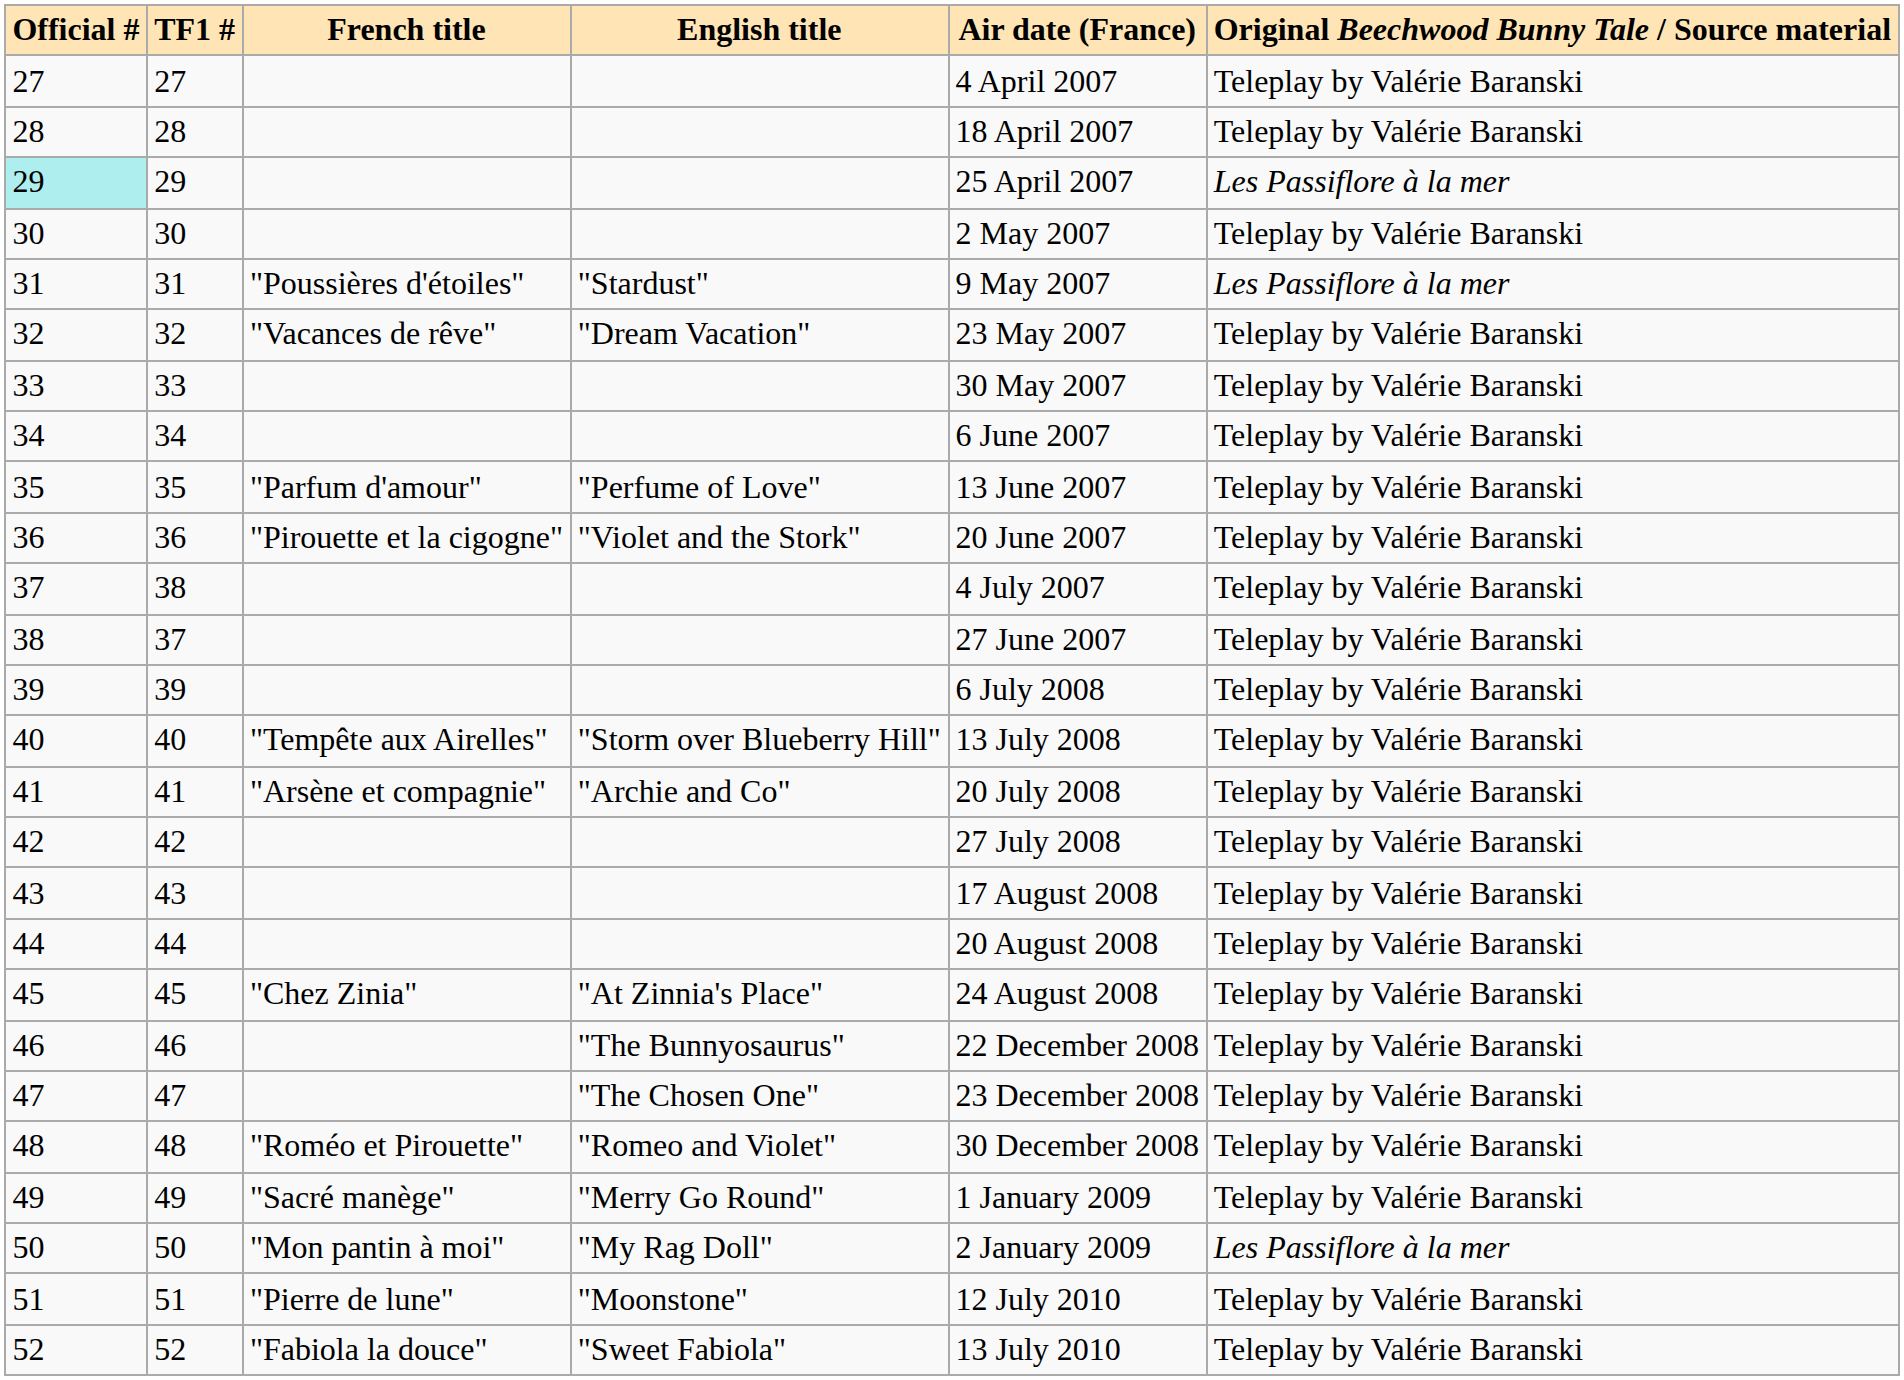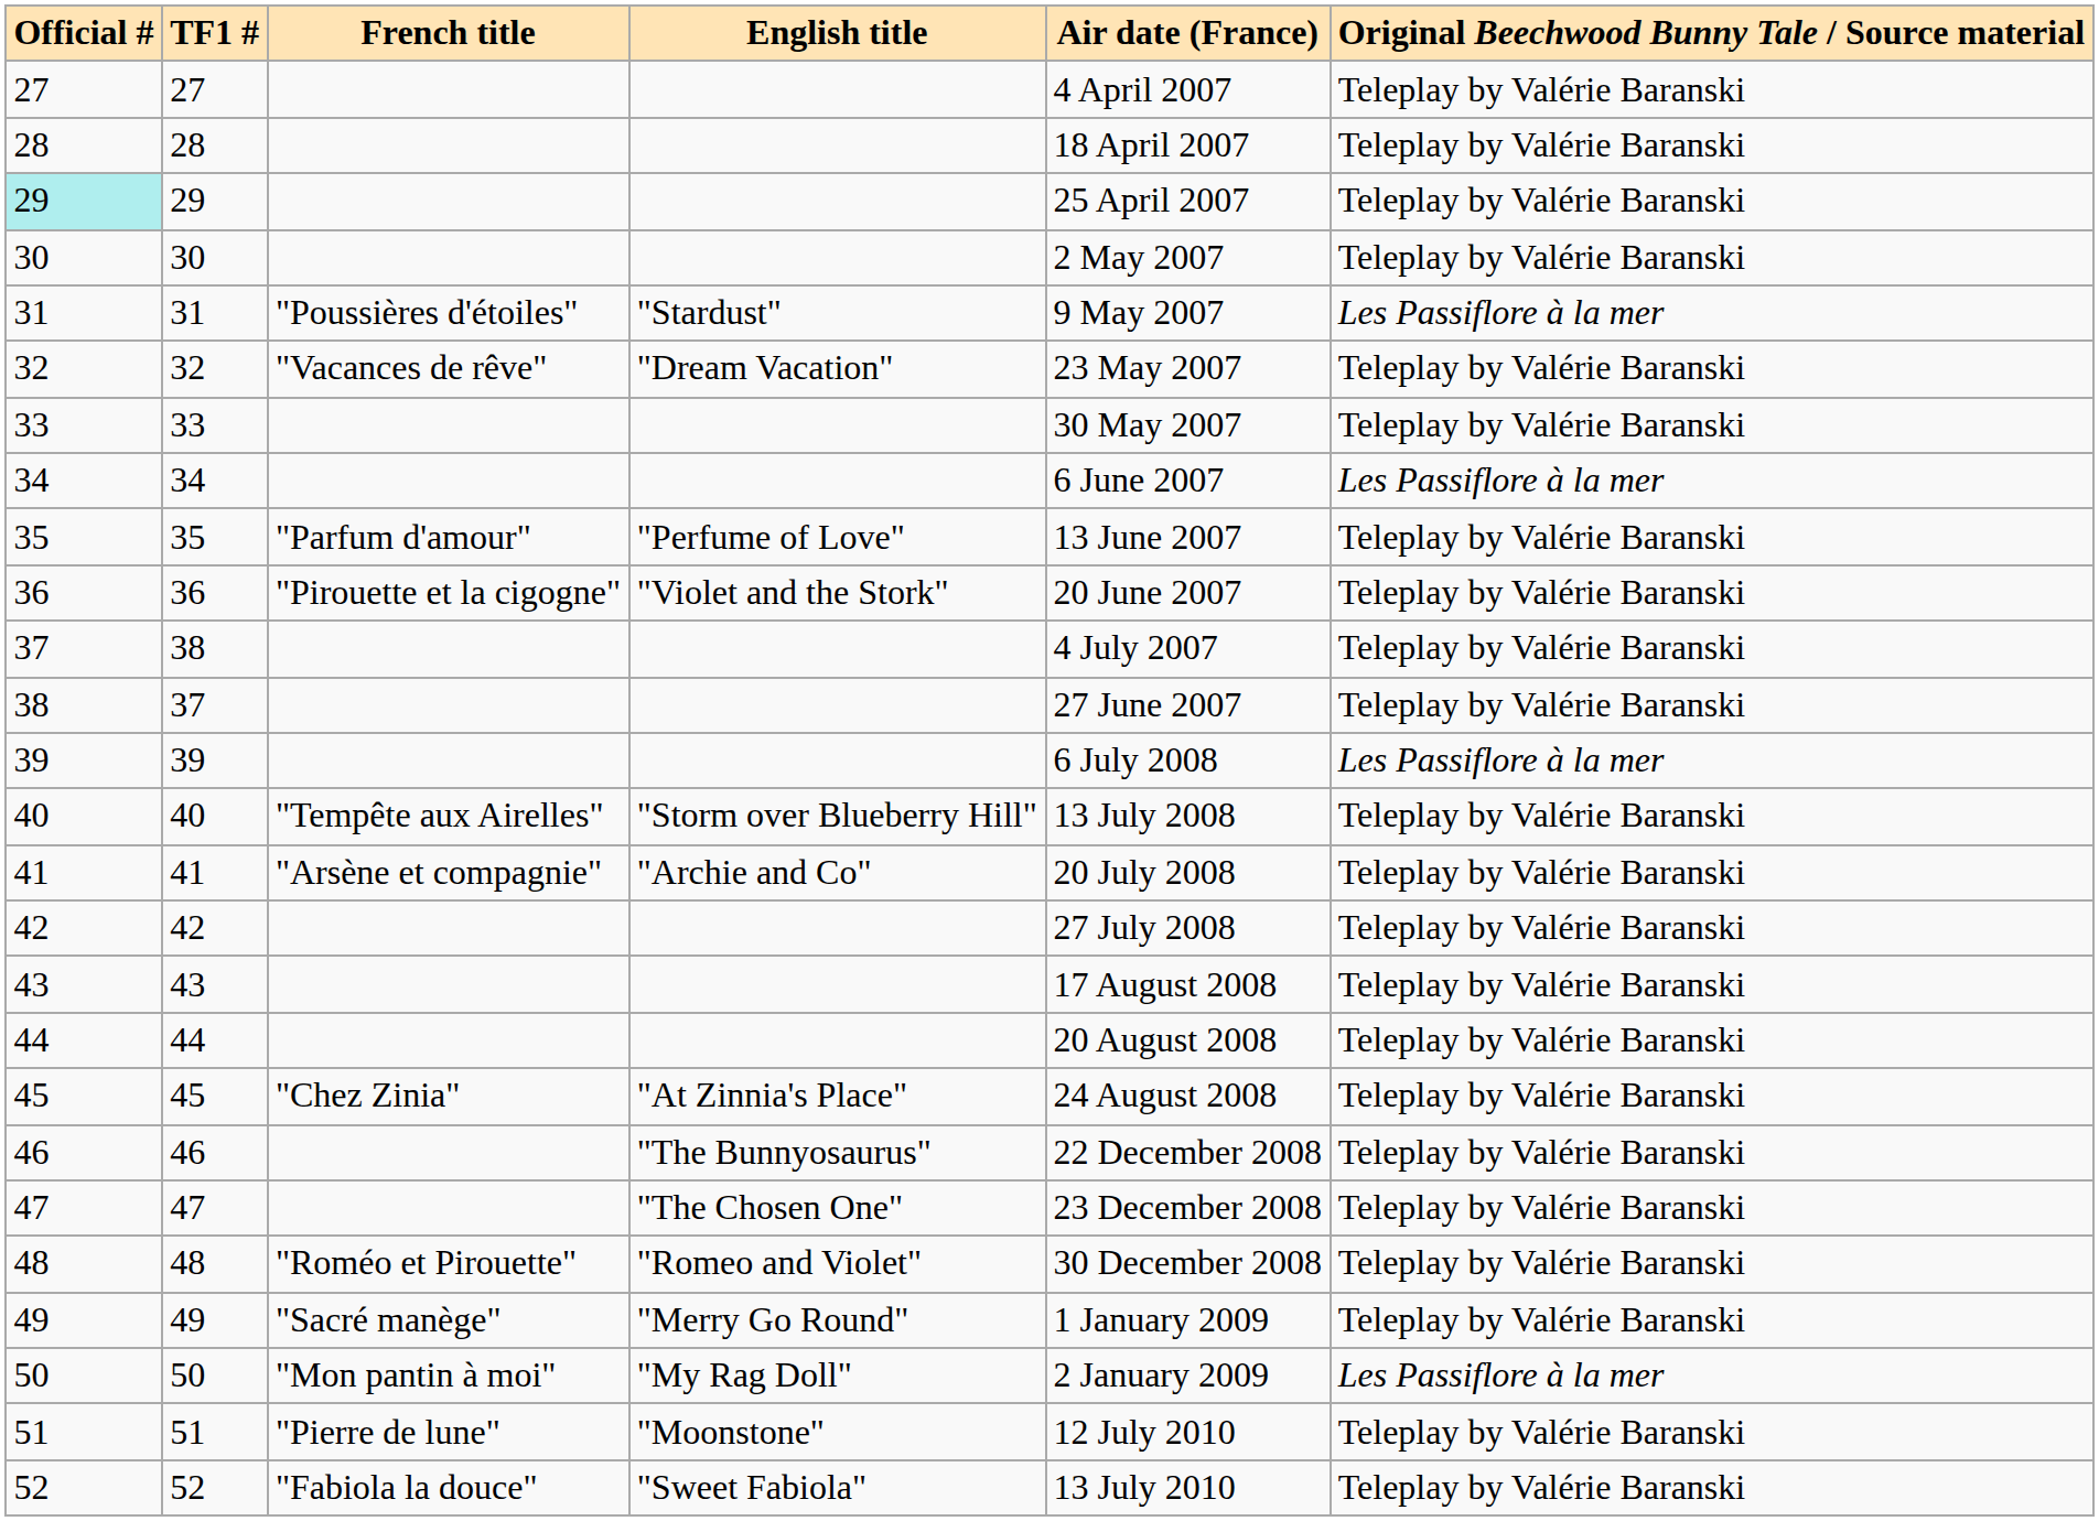 <table class="wikitable sortable">
 <tr>
 <th style="background-color: Moccasin;">Official #</th>
 <th style="background-color: Moccasin;">TF1 #</th>
 <th style="background-color: Moccasin;">French title</th>
 <th style="background-color: Moccasin;">English title</th>
 <th style="background-color: Moccasin;">Air date (France)</th>
 <th style="background-color: Moccasin;">Original <em>Beechwood Bunny Tale</em> / Source material</th>
 </tr>
 <tr>
 <td>27</td>
 <td>27</td>
 <td></td>
 <td></td>
 <td>4 April 2007</td>
 <td>Teleplay by Valérie Baranski</td>
 </tr>
 <tr>
 <td>28</td>
 <td>28</td>
 <td></td>
 <td></td>
 <td>18 April 2007</td>
 <td>Teleplay by Valérie Baranski</td>
 </tr>
 <tr>
 <td style="background: paleturquoise;">29</td>
 <td>29</td>
 <td></td>
 <td></td>
 <td>25 April 2007</td>
-<td><em>Les Passiflore à la mer</em></td>
+<td>Teleplay by Valérie Baranski</td>
 </tr>
 <tr>
 <td>30</td>
 <td>30</td>
 <td></td>
 <td></td>
 <td>2 May 2007</td>
 <td>Teleplay by Valérie Baranski</td>
 </tr>
 <tr>
 <td>31</td>
 <td>31</td>
 <td>"Poussières d'étoiles"</td>
 <td>"Stardust"</td>
 <td>9 May 2007</td>
 <td><em>Les Passiflore à la mer</em></td>
 </tr>
 <tr>
 <td>32</td>
 <td>32</td>
 <td>"Vacances de rêve"</td>
 <td>"Dream Vacation"</td>
 <td>23 May 2007</td>
 <td>Teleplay by Valérie Baranski</td>
 </tr>
 <tr>
 <td>33</td>
 <td>33</td>
 <td></td>
 <td></td>
 <td>30 May 2007</td>
 <td>Teleplay by Valérie Baranski</td>
 </tr>
 <tr>
 <td>34</td>
 <td>34</td>
 <td></td>
 <td></td>
 <td>6 June 2007</td>
-<td>Teleplay by Valérie Baranski</td>
+<td><em>Les Passiflore à la mer</em></td>
 </tr>
 <tr>
 <td>35</td>
 <td>35</td>
 <td>"Parfum d'amour"</td>
 <td>"Perfume of Love"</td>
 <td>13 June 2007</td>
 <td>Teleplay by Valérie Baranski</td>
 </tr>
 <tr>
 <td>36</td>
 <td>36</td>
 <td>"Pirouette et la cigogne"</td>
 <td>"Violet and the Stork"</td>
 <td>20 June 2007</td>
 <td>Teleplay by Valérie Baranski</td>
 </tr>
 <tr>
 <td>37</td>
 <td>38</td>
 <td></td>
 <td></td>
 <td>4 July 2007</td>
 <td>Teleplay by Valérie Baranski</td>
 </tr>
 <tr>
 <td>38</td>
 <td>37</td>
 <td></td>
 <td></td>
 <td>27 June 2007</td>
 <td>Teleplay by Valérie Baranski</td>
 </tr>
 <tr>
 <td>39</td>
 <td>39</td>
 <td></td>
 <td></td>
 <td>6 July 2008</td>
-<td>Teleplay by Valérie Baranski</td>
+<td><em>Les Passiflore à la mer</em></td>
 </tr>
 <tr>
 <td>40</td>
 <td>40</td>
 <td>"Tempête aux Airelles"</td>
 <td>"Storm over Blueberry Hill"</td>
 <td>13 July 2008</td>
 <td>Teleplay by Valérie Baranski</td>
 </tr>
 <tr>
 <td>41</td>
 <td>41</td>
 <td>"Arsène et compagnie"</td>
 <td>"Archie and Co"</td>
 <td>20 July 2008</td>
 <td>Teleplay by Valérie Baranski</td>
 </tr>
 <tr>
 <td>42</td>
 <td>42</td>
 <td></td>
 <td></td>
 <td>27 July 2008</td>
 <td>Teleplay by Valérie Baranski</td>
 </tr>
 <tr>
 <td>43</td>
 <td>43</td>
 <td></td>
 <td></td>
 <td>17 August 2008</td>
 <td>Teleplay by Valérie Baranski</td>
 </tr>
 <tr>
 <td>44</td>
 <td>44</td>
 <td></td>
 <td></td>
 <td>20 August 2008</td>
 <td>Teleplay by Valérie Baranski</td>
 </tr>
 <tr>
 <td>45</td>
 <td>45</td>
 <td>"Chez Zinia"</td>
 <td>"At Zinnia's Place"</td>
 <td>24 August 2008</td>
 <td>Teleplay by Valérie Baranski</td>
 </tr>
 <tr>
 <td>46</td>
 <td>46</td>
 <td></td>
 <td>"The Bunnyosaurus"</td>
 <td>22 December 2008</td>
 <td>Teleplay by Valérie Baranski</td>
 </tr>
 <tr>
 <td>47</td>
 <td>47</td>
 <td></td>
 <td>"The Chosen One"</td>
 <td>23 December 2008</td>
 <td>Teleplay by Valérie Baranski</td>
 </tr>
 <tr>
 <td>48</td>
 <td>48</td>
 <td>"Roméo et Pirouette"</td>
 <td>"Romeo and Violet"</td>
 <td>30 December 2008</td>
 <td>Teleplay by Valérie Baranski</td>
 </tr>
 <tr>
 <td>49</td>
 <td>49</td>
 <td>"Sacré manège"</td>
 <td>"Merry Go Round"</td>
 <td>1 January 2009</td>
 <td>Teleplay by Valérie Baranski</td>
 </tr>
 <tr>
 <td>50</td>
 <td>50</td>
 <td>"Mon pantin à moi"</td>
 <td>"My Rag Doll"</td>
 <td>2 January 2009</td>
 <td><em>Les Passiflore à la mer</em></td>
 </tr>
 <tr>
 <td>51</td>
 <td>51</td>
 <td>"Pierre de lune"</td>
 <td>"Moonstone"</td>
 <td>12 July 2010</td>
 <td>Teleplay by Valérie Baranski</td>
 </tr>
 <tr>
 <td>52</td>
 <td>52</td>
 <td>"Fabiola la douce"</td>
 <td>"Sweet Fabiola"</td>
 <td>13 July 2010</td>
 <td>Teleplay by Valérie Baranski</td>
 </tr>
 </table>
